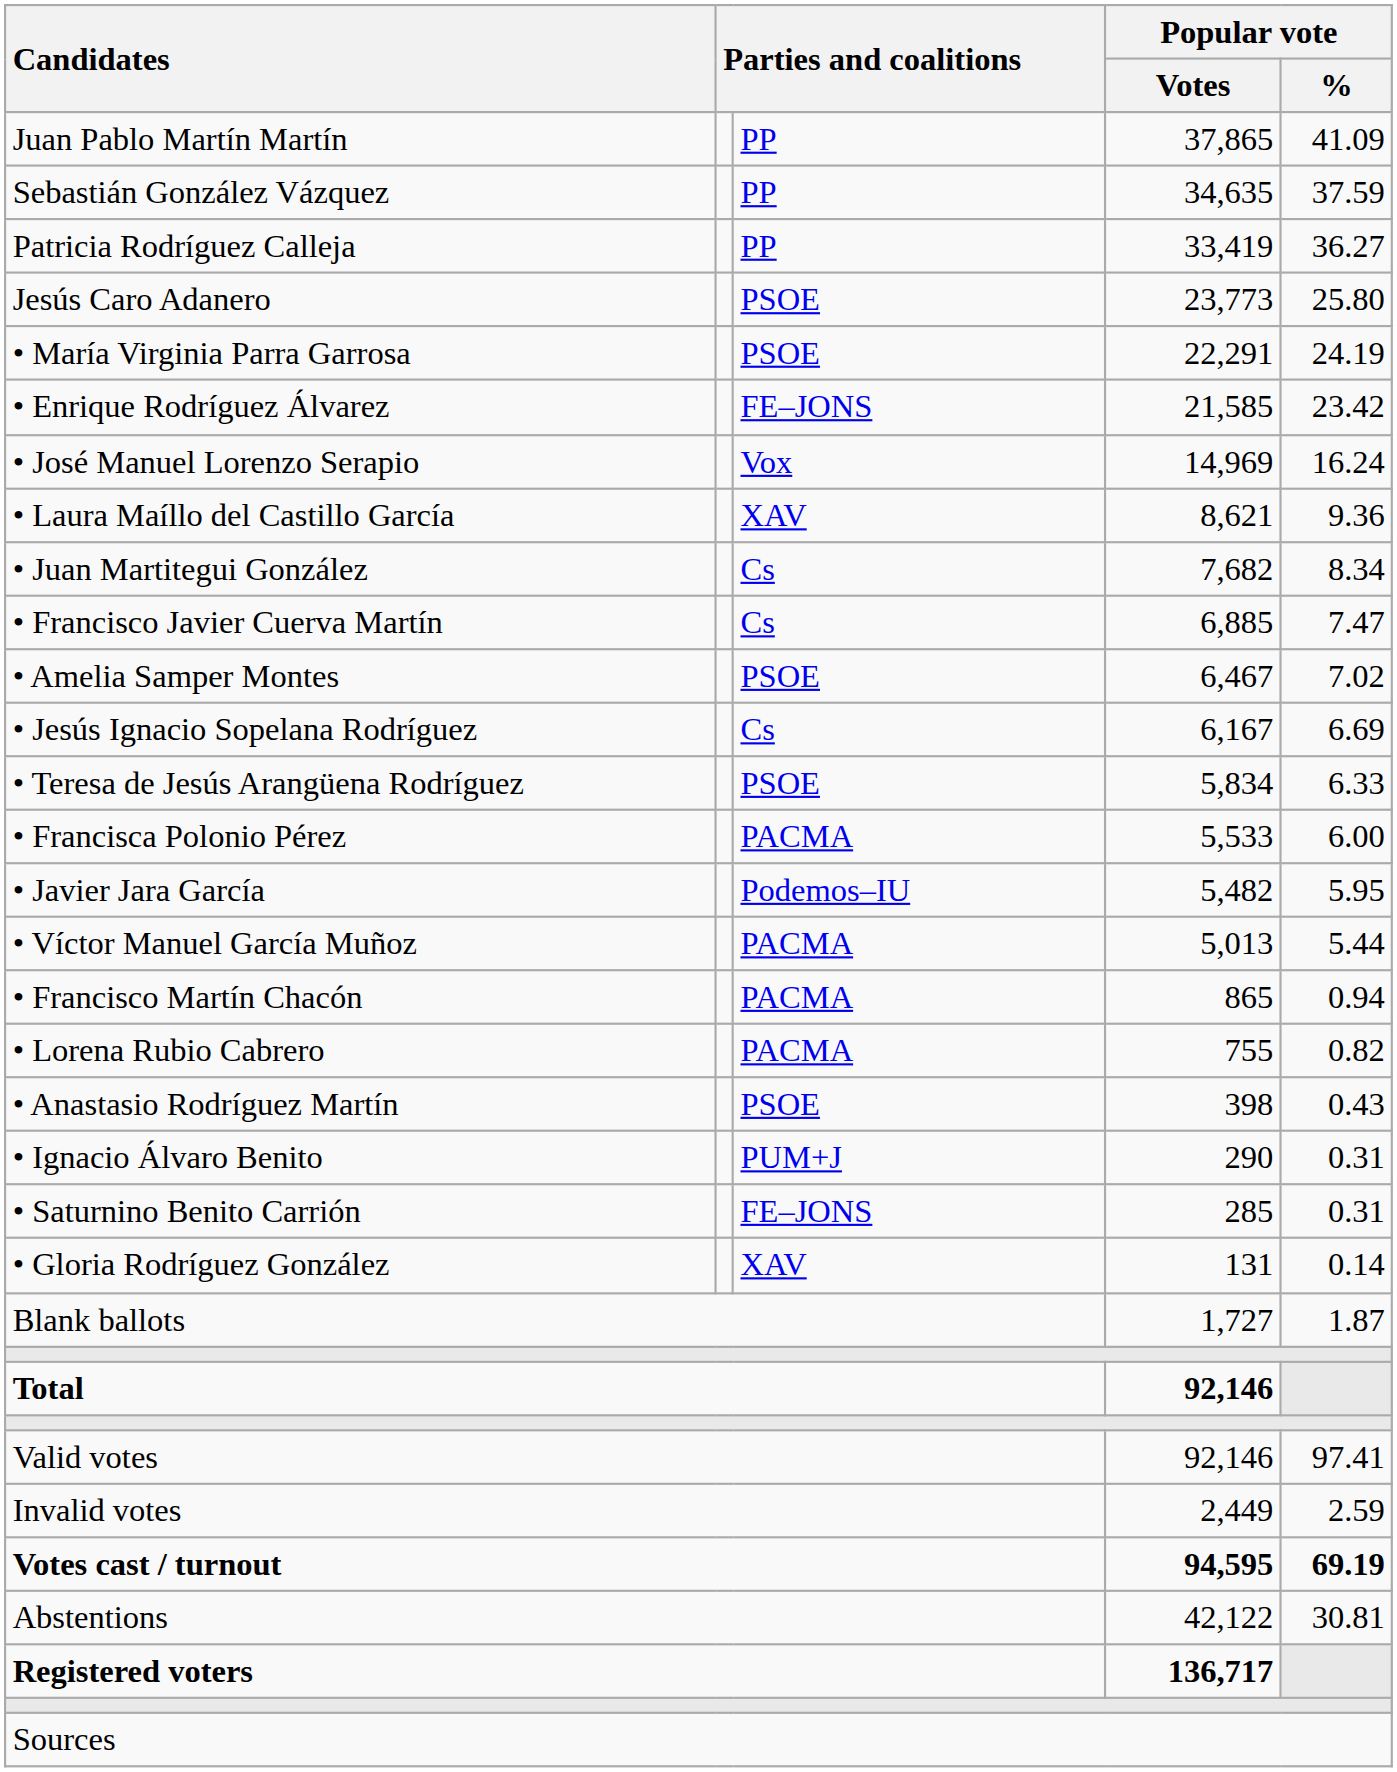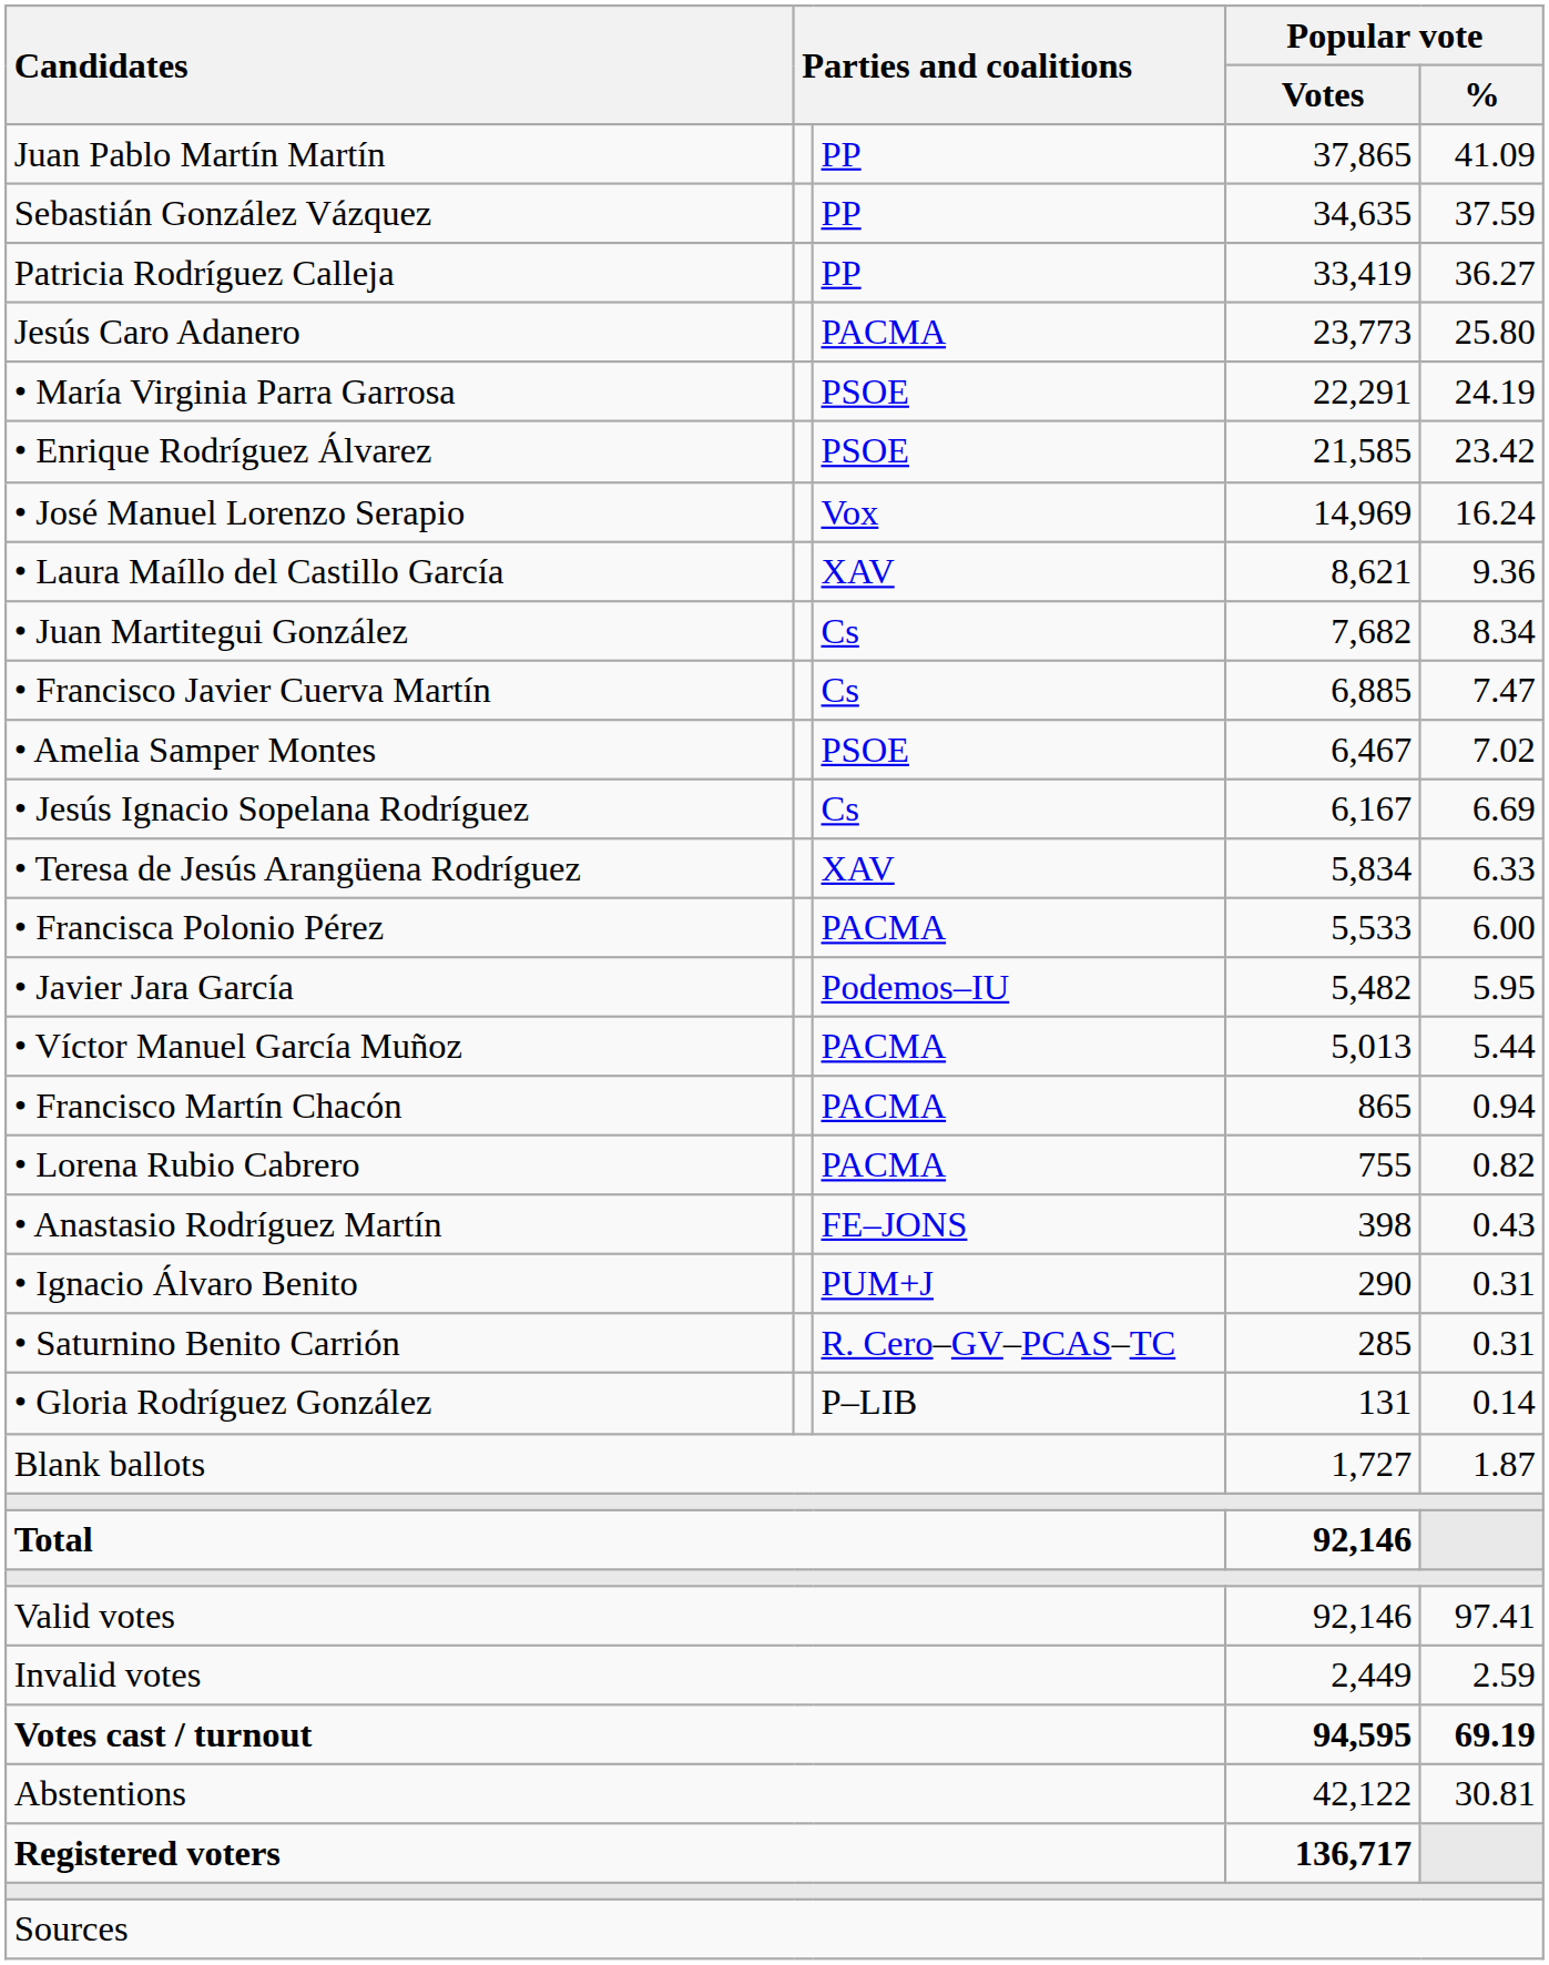 <table class="wikitable" style="text-align:right; font-size:95%;">
 <tr>
 <th style="text-align:left;" rowspan="2" width="325">Candidates</th>
 <th style="text-align:left;" rowspan="2" colspan="2" width="175">Parties and coalitions</th>
 <th colspan="2">Popular vote</th>
 </tr>
 <tr>
 <th width="75">Votes</th>
 <th width="45">%</th>
 </tr>
 <tr>
 <td align="left"> Juan Pablo Martín Martín</td>
 <td width="1" style="color:inherit;background:"></td>
 <td align="left"><a href='#'>PP</a></td>
 <td>37,865</td>
 <td>41.09</td>
 </tr>
 <tr>
 <td align="left"> Sebastián González Vázquez</td>
 <td style="color:inherit;background:"></td>
 <td align="left"><a href='#'>PP</a></td>
 <td>34,635</td>
 <td>37.59</td>
 </tr>
 <tr>
 <td align="left"> Patricia Rodríguez Calleja</td>
 <td style="color:inherit;background:"></td>
 <td align="left"><a href='#'>PP</a></td>
 <td>33,419</td>
 <td>36.27</td>
 </tr>
 <tr>
 <td align="left"> Jesús Caro Adanero</td>
 <td style="color:inherit;background:"></td>
-<td align="left"><a href='#'>PSOE</a></td>
+<td align="left"><a href='#'>PACMA</a></td>
 <td>23,773</td>
 <td>25.80</td>
 </tr>
 <tr>
 <td align="left">• María Virginia Parra Garrosa</td>
 <td style="color:inherit;background:"></td>
 <td align="left"><a href='#'>PSOE</a></td>
 <td>22,291</td>
 <td>24.19</td>
 </tr>
 <tr>
 <td align="left">• Enrique Rodríguez Álvarez</td>
 <td style="color:inherit;background:"></td>
-<td align="left"><a href='#'>FE–JONS</a></td>
+<td align="left"><a href='#'>PSOE</a></td>
 <td>21,585</td>
 <td>23.42</td>
 </tr>
 <tr>
 <td align="left">• José Manuel Lorenzo Serapio</td>
 <td style="color:inherit;background:"></td>
 <td align="left"><a href='#'>Vox</a></td>
 <td>14,969</td>
 <td>16.24</td>
 </tr>
 <tr>
 <td align="left">• Laura Maíllo del Castillo García</td>
 <td style="color:inherit;background:"></td>
 <td align="left"><a href='#'>XAV</a></td>
 <td>8,621</td>
 <td>9.36</td>
 </tr>
 <tr>
 <td align="left">• Juan Martitegui González</td>
 <td style="color:inherit;background:"></td>
 <td align="left"><a href='#'>Cs</a></td>
 <td>7,682</td>
 <td>8.34</td>
 </tr>
 <tr>
 <td align="left">• Francisco Javier Cuerva Martín</td>
 <td style="color:inherit;background:"></td>
 <td align="left"><a href='#'>Cs</a></td>
 <td>6,885</td>
 <td>7.47</td>
 </tr>
 <tr>
 <td align="left">• Amelia Samper Montes</td>
 <td style="color:inherit;background:"></td>
 <td align="left"><a href='#'>PSOE</a></td>
 <td>6,467</td>
 <td>7.02</td>
 </tr>
 <tr>
 <td align="left">• Jesús Ignacio Sopelana Rodríguez</td>
 <td style="color:inherit;background:"></td>
 <td align="left"><a href='#'>Cs</a></td>
 <td>6,167</td>
 <td>6.69</td>
 </tr>
 <tr>
 <td align="left">• Teresa de Jesús Arangüena Rodríguez</td>
 <td style="color:inherit;background:"></td>
-<td align="left"><a href='#'>PSOE</a></td>
+<td align="left"><a href='#'>XAV</a></td>
 <td>5,834</td>
 <td>6.33</td>
 </tr>
 <tr>
 <td align="left">• Francisca Polonio Pérez</td>
 <td style="color:inherit;background:"></td>
 <td align="left"><a href='#'>PACMA</a></td>
 <td>5,533</td>
 <td>6.00</td>
 </tr>
 <tr>
 <td align="left">• Javier Jara García</td>
 <td style="color:inherit;background:"></td>
 <td align="left"><a href='#'>Podemos–IU</a></td>
 <td>5,482</td>
 <td>5.95</td>
 </tr>
 <tr>
 <td align="left">• Víctor Manuel García Muñoz</td>
 <td style="color:inherit;background:"></td>
 <td align="left"><a href='#'>PACMA</a></td>
 <td>5,013</td>
 <td>5.44</td>
 </tr>
 <tr>
 <td align="left">• Francisco Martín Chacón</td>
 <td style="color:inherit;background:"></td>
 <td align="left"><a href='#'>PACMA</a></td>
 <td>865</td>
 <td>0.94</td>
 </tr>
 <tr>
 <td align="left">• Lorena Rubio Cabrero</td>
 <td style="color:inherit;background:"></td>
 <td align="left"><a href='#'>PACMA</a></td>
 <td>755</td>
 <td>0.82</td>
 </tr>
 <tr>
 <td align="left">• Anastasio Rodríguez Martín</td>
 <td style="color:inherit;background:"></td>
-<td align="left"><a href='#'>PSOE</a></td>
+<td align="left"><a href='#'>FE–JONS</a></td>
 <td>398</td>
 <td>0.43</td>
 </tr>
 <tr>
 <td align="left">• Ignacio Álvaro Benito</td>
 <td style="color:inherit;background:"></td>
 <td align="left"><a href='#'>PUM+J</a></td>
 <td>290</td>
 <td>0.31</td>
 </tr>
 <tr>
 <td align="left">• Saturnino Benito Carrión</td>
 <td style="color:inherit;background:"></td>
-<td align="left"><a href='#'>FE–JONS</a></td>
+<td align="left"><a href='#'>R. Cero</a>–<a href='#'>GV</a>–<a href='#'>PCAS</a>–<a href='#'>TC</a></td>
 <td>285</td>
 <td>0.31</td>
 </tr>
 <tr>
 <td align="left">• Gloria Rodríguez González</td>
 <td style="color:inherit;background:"></td>
-<td align="left"><a href='#'>XAV</a></td>
+<td align="left">P–LIB</td>
 <td>131</td>
 <td>0.14</td>
 </tr>
 <tr>
 <td align="left" colspan="3">Blank ballots</td>
 <td>1,727</td>
 <td>1.87</td>
 </tr>
 <tr>
 <td colspan="5" bgcolor="#E9E9E9"></td>
 </tr>
 <tr style="font-weight:bold;">
 <td align="left" colspan="3">Total</td>
 <td>92,146</td>
 <td bgcolor="#E9E9E9"></td>
 </tr>
 <tr>
 <td colspan="5" bgcolor="#E9E9E9"></td>
 </tr>
 <tr>
 <td align="left" colspan="3">Valid votes</td>
 <td>92,146</td>
 <td>97.41</td>
 </tr>
 <tr>
 <td align="left" colspan="3">Invalid votes</td>
 <td>2,449</td>
 <td>2.59</td>
 </tr>
 <tr style="font-weight:bold;">
 <td align="left" colspan="3">Votes cast / turnout</td>
 <td>94,595</td>
 <td>69.19</td>
 </tr>
 <tr>
 <td align="left" colspan="3">Abstentions</td>
 <td>42,122</td>
 <td>30.81</td>
 </tr>
 <tr style="font-weight:bold;">
 <td align="left" colspan="3">Registered voters</td>
 <td>136,717</td>
 <td bgcolor="#E9E9E9"></td>
 </tr>
 <tr>
 <td colspan="5" bgcolor="#E9E9E9"></td>
 </tr>
 <tr>
 <td align="left" colspan="5">Sources</td>
 </tr>
 </table>
